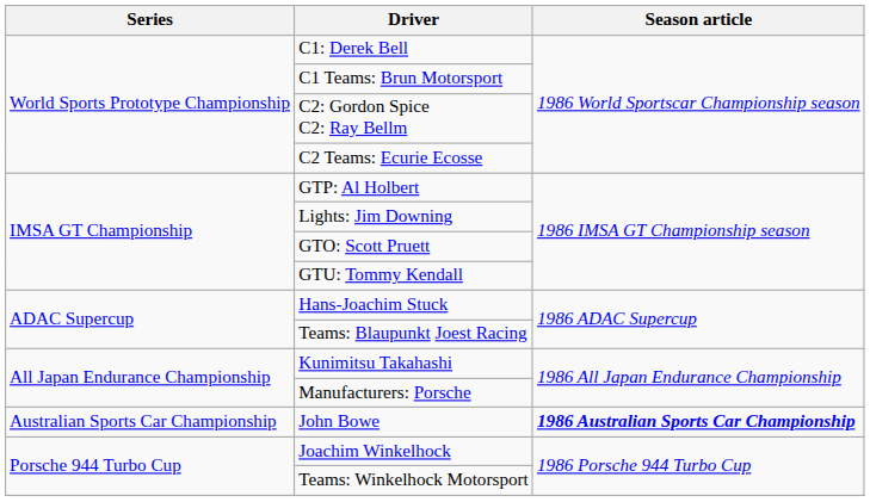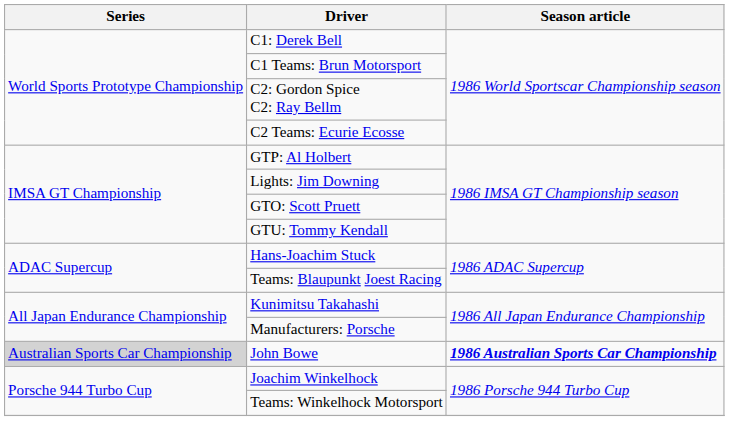 <table class="wikitable" style="font-size: 87%;">
 <tr>
 <th>Series</th>
 <th>Driver</th>
 <th>Season article</th>
 </tr>
 <tr>
 <td rowspan=4><a href='#'>World Sports Prototype Championship</a></td>
 <td>C1:  <a href='#'>Derek Bell</a></td>
 <td rowspan=4><em><a href='#'>1986 World Sportscar Championship season</a></em></td>
 </tr>
 <tr>
 <td>C1 Teams:  <a href='#'>Brun Motorsport</a></td>
 </tr>
 <tr>
 <td>C2:  Gordon Spice<br>C2:  <a href='#'>Ray Bellm</a></td>
 </tr>
 <tr>
 <td>C2 Teams:  <a href='#'>Ecurie Ecosse</a></td>
 </tr>
 <tr>
 <td rowspan=4><a href='#'>IMSA GT Championship</a></td>
 <td>GTP:  <a href='#'>Al Holbert</a></td>
 <td rowspan=4><em><a href='#'>1986 IMSA GT Championship season</a></em></td>
 </tr>
 <tr>
 <td>Lights:  <a href='#'>Jim Downing</a></td>
 </tr>
 <tr>
 <td>GTO:  <a href='#'>Scott Pruett</a></td>
 </tr>
 <tr>
 <td>GTU:  <a href='#'>Tommy Kendall</a></td>
 </tr>
 <tr>
 <td rowspan=2><a href='#'>ADAC Supercup</a></td>
 <td> <a href='#'>Hans-Joachim Stuck</a></td>
 <td rowspan=2><em><a href='#'>1986 ADAC Supercup</a></em></td>
 </tr>
 <tr>
 <td>Teams:  <a href='#'>Blaupunkt</a> <a href='#'>Joest Racing</a></td>
 </tr>
 <tr>
 <td rowspan=2><a href='#'>All Japan Endurance Championship</a></td>
 <td> <a href='#'>Kunimitsu Takahashi</a></td>
 <td rowspan=2><em><a href='#'>1986 All Japan Endurance Championship</a></em></td>
 </tr>
 <tr>
 <td>Manufacturers:  <a href='#'>Porsche</a></td>
 </tr>
 <tr>
-<td><a href='#'>Australian Sports Car Championship</a></td>
+<td style="background: lightgrey;"><a href='#'>Australian Sports Car Championship</a></td>
 <td> <a href='#'>John Bowe</a></td>
 <td><strong><em><a href='#'>1986 Australian Sports Car Championship</a></em></strong></td>
 </tr>
 <tr>
 <td rowspan=2><a href='#'>Porsche 944 Turbo Cup</a></td>
 <td> <a href='#'>Joachim Winkelhock</a></td>
 <td rowspan=2><em><a href='#'>1986 Porsche 944 Turbo Cup</a></em></td>
 </tr>
 <tr>
 <td>Teams:  Winkelhock Motorsport</td>
 </tr>
 <tr>
 </tr>
 </table>
